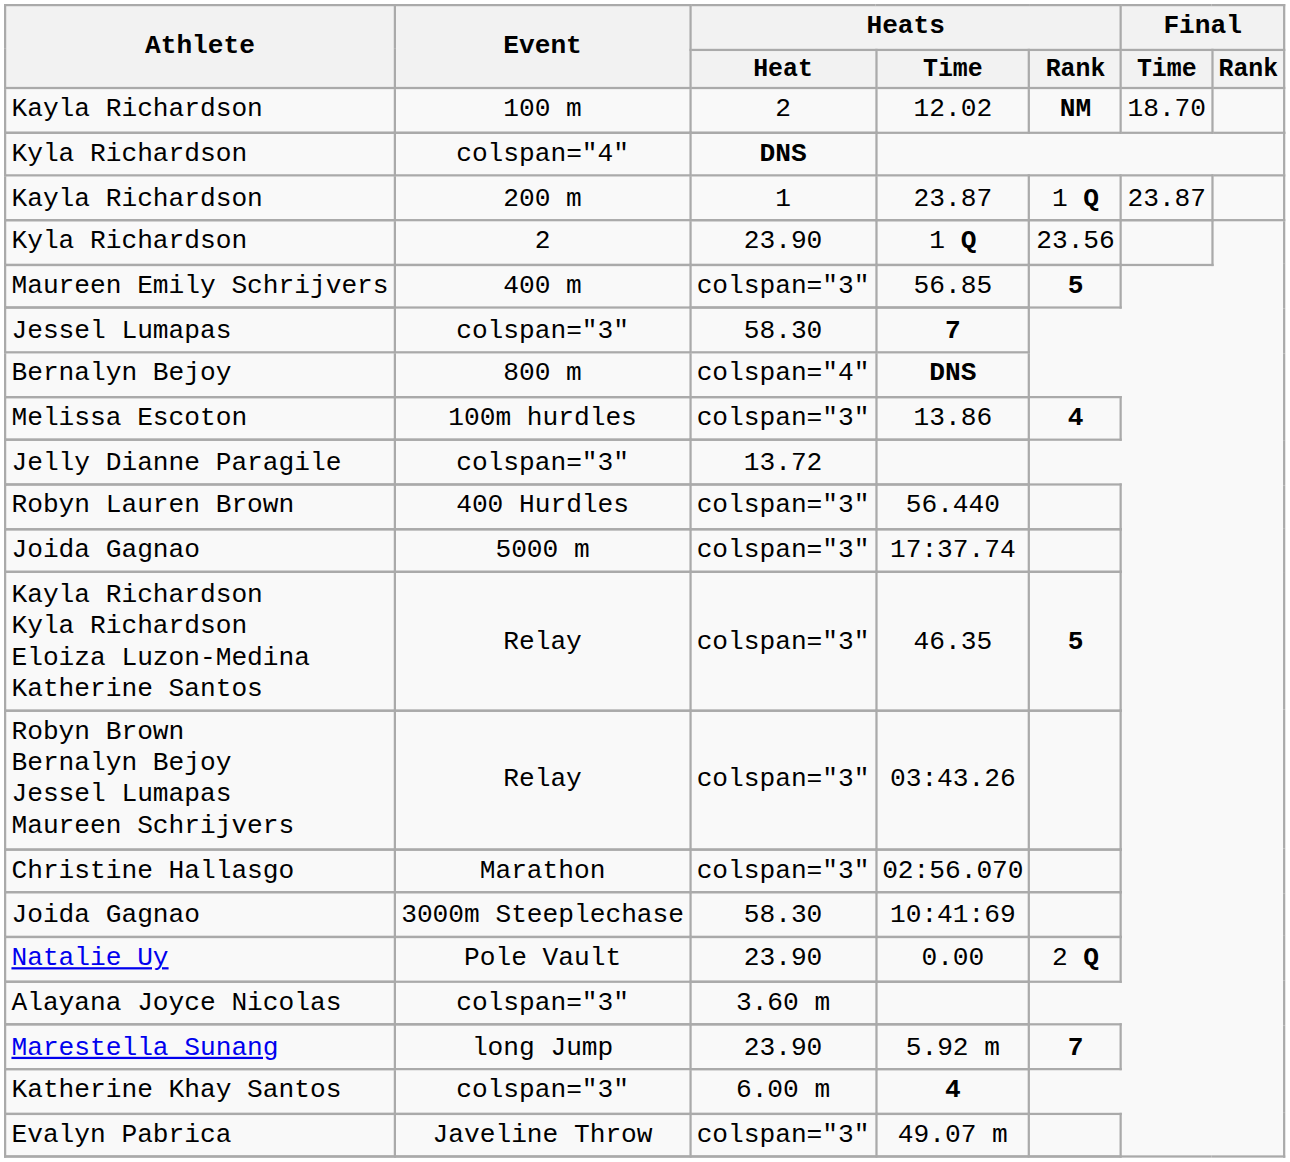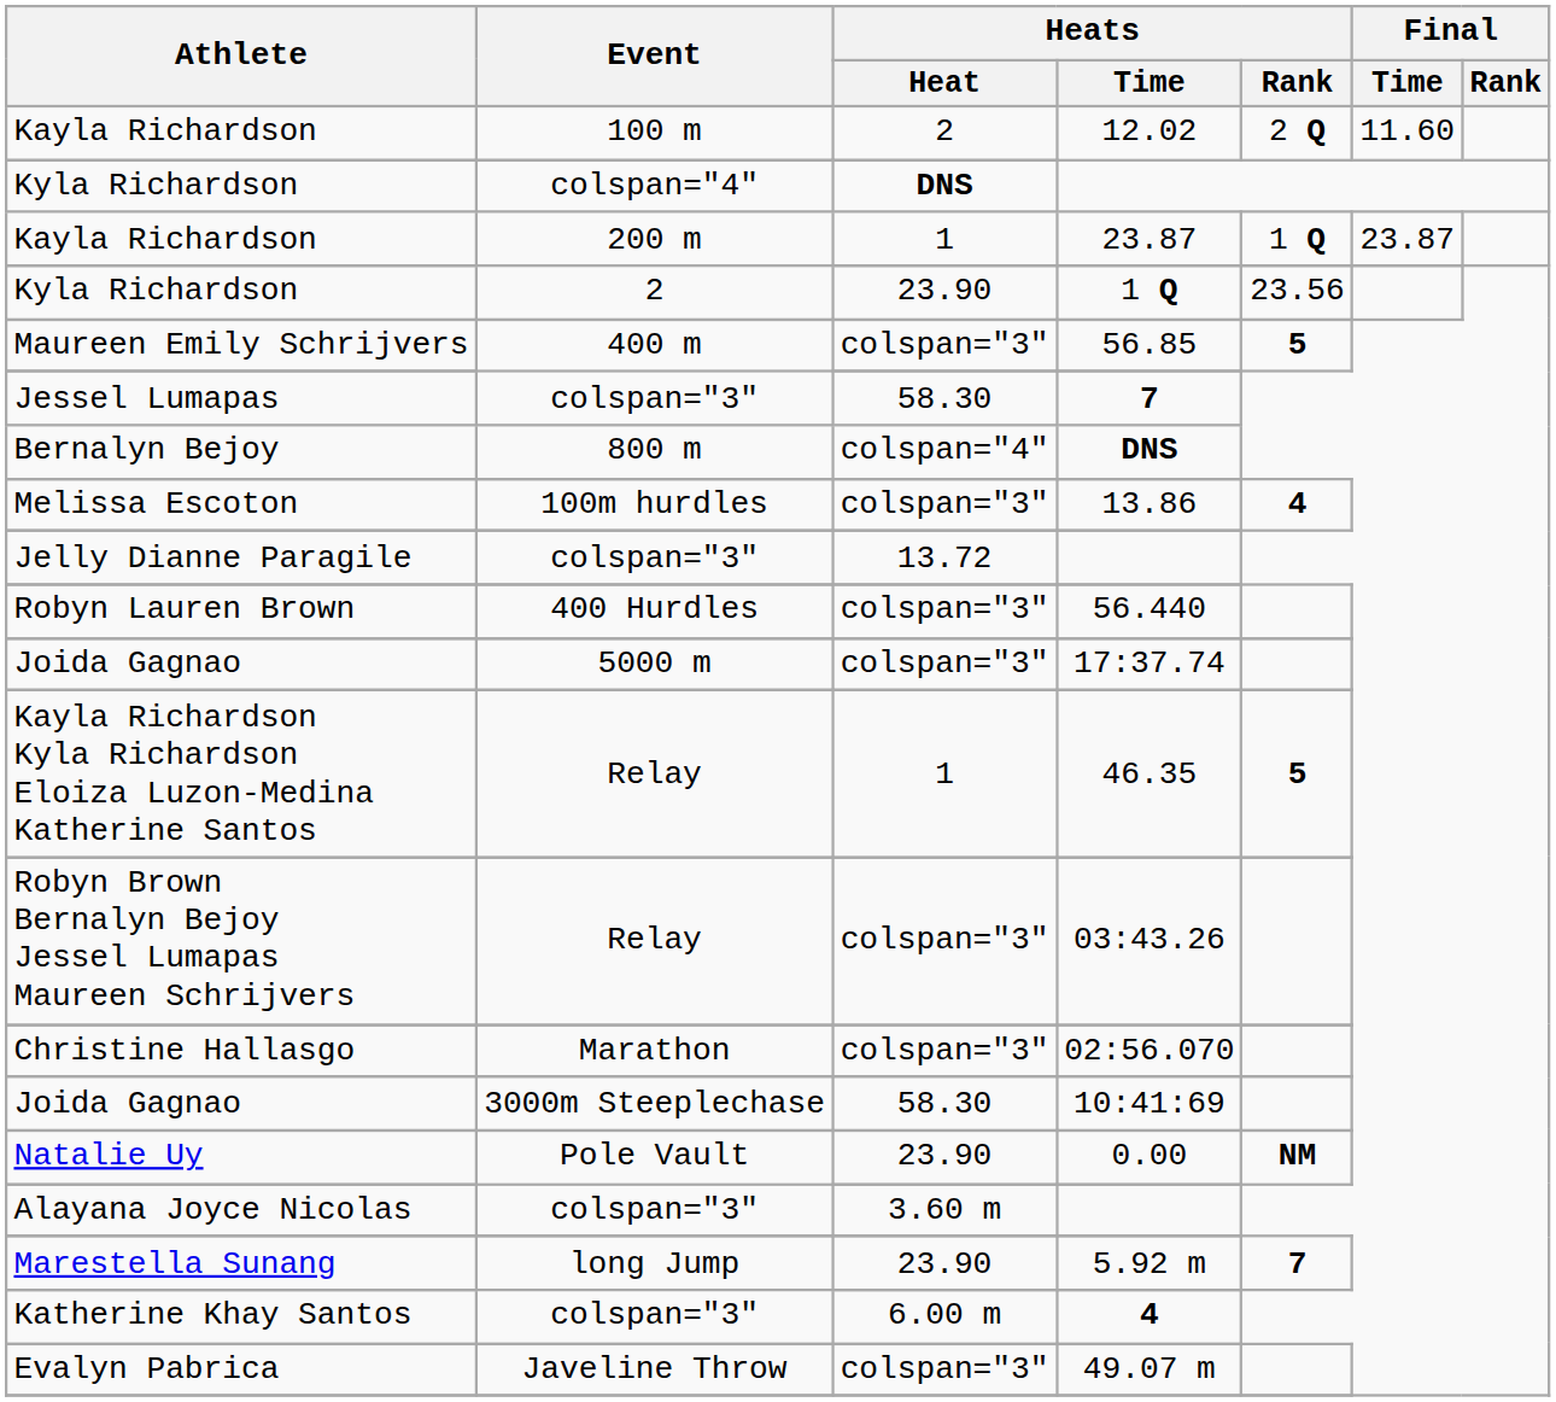 <table class="wikitable" style="font-size:90%; text-align:center">
 <tr>
 <th rowspan="2">Athlete</th>
 <th rowspan="2">Event</th>
 <th colspan="3">Heats</th>
 <th colspan="2">Final</th>
 </tr>
 <tr style="font-size:95%">
 <th>Heat</th>
 <th>Time</th>
 <th>Rank</th>
 <th>Time</th>
 <th>Rank</th>
 </tr>
 <tr align="center">
 <td align=left>Kayla Richardson</td>
 <td rowspan="2" align="Center">100 m</td>
 <td>2</td>
 <td>12.02</td>
-<td><strong>NM</strong></td>
-<td>18.70</td>
+<td>2 <strong>Q</strong></td>
+<td>11.60</td>
 <td></td>
 </tr>
 <tr>
 </tr>
 <tr>
 </tr>
 <tr align="center">
 <td align=left>Kyla Richardson</td>
 <td>colspan="4" </td>
 <td><strong>DNS</strong></td>
 </tr>
 <tr align="center">
 <td align=left>Kayla Richardson</td>
 <td rowspan="2" align="Center">200 m</td>
 <td>1</td>
 <td>23.87</td>
 <td>1 <strong>Q</strong></td>
 <td>23.87</td>
 <td></td>
 </tr>
 <tr>
 </tr>
 <tr align="center">
 <td align=left>Kyla Richardson</td>
 <td>2</td>
 <td>23.90</td>
 <td>1 <strong>Q</strong></td>
 <td>23.56</td>
 <td></td>
 </tr>
 <tr>
 </tr>
 <tr align="center">
 <td align=left>Maureen Emily Schrijvers</td>
 <td rowspan="2" align="Center">400 m</td>
 <td>colspan="3" </td>
 <td>56.85</td>
 <td><strong>5</strong></td>
 </tr>
 <tr>
 </tr>
 <tr align="center">
 <td align=left>Jessel Lumapas</td>
 <td>colspan="3" </td>
 <td>58.30</td>
 <td><strong>7</strong></td>
 </tr>
 <tr align="center">
 <td align=left>Bernalyn Bejoy</td>
 <td>800 m</td>
 <td>colspan="4" </td>
 <td><strong>DNS</strong></td>
 </tr>
 <tr>
 </tr>
 <tr align="center">
 <td align=left>Melissa Escoton</td>
 <td rowspan="2" align="Center">100m hurdles</td>
 <td>colspan="3" </td>
 <td>13.86</td>
 <td><strong>4</strong></td>
 </tr>
 <tr>
 </tr>
 <tr>
 </tr>
 <tr align="center">
 <td align=left>Jelly Dianne Paragile</td>
 <td>colspan="3" </td>
 <td>13.72</td>
 <td></td>
 </tr>
 <tr>
 </tr>
 <tr>
 </tr>
 <tr align="center">
 <td align=left>Robyn Lauren Brown</td>
 <td rowspan="1" align="Center">400 Hurdles</td>
 <td>colspan="3" </td>
 <td>56.440</td>
 <td></td>
 </tr>
 <tr>
 </tr>
 <tr align="center">
 <td align=left>Joida Gagnao</td>
 <td>5000 m</td>
 <td>colspan="3" </td>
 <td>17:37.74</td>
 <td></td>
 </tr>
 <tr>
 </tr>
 <tr align="center">
 <td align=left>Kayla Richardson<br>Kyla Richardson<br>Eloiza Luzon-Medina<br>Katherine Santos</td>
 <td> Relay</td>
-<td>colspan="3" </td>
+<td>1</td>
 <td>46.35</td>
 <td><strong>5</strong></td>
 </tr>
 <tr>
 </tr>
 <tr align="center">
 <td align=left>Robyn Brown<br>Bernalyn Bejoy<br>Jessel Lumapas<br>Maureen Schrijvers</td>
 <td> Relay</td>
 <td>colspan="3" </td>
 <td>03:43.26</td>
 <td></td>
 </tr>
 <tr>
 </tr>
 <tr align="center">
 <td align=left>Christine Hallasgo</td>
 <td>Marathon</td>
 <td>colspan="3" </td>
 <td>02:56.070</td>
 <td></td>
 </tr>
 <tr>
 </tr>
 <tr align="center">
 <td align=left>Joida Gagnao</td>
 <td>3000m Steeplechase</td>
 <td>58.30</td>
 <td>10:41:69</td>
 <td></td>
 </tr>
 <tr>
 </tr>
 <tr align="center">
 <td align=left><a href='#'>Natalie Uy</a></td>
 <td rowspan="2" align="Center">Pole Vault</td>
 <td>23.90</td>
 <td>0.00</td>
-<td>2 <strong>Q</strong></td>
+<td><strong>NM</strong></td>
 </tr>
 <tr>
 </tr>
 <tr align="center">
 <td align=left>Alayana Joyce Nicolas</td>
 <td>colspan="3" </td>
 <td>3.60 m</td>
 <td></td>
 </tr>
 <tr>
 </tr>
 <tr align="center">
 <td align=left><a href='#'>Marestella Sunang</a></td>
 <td rowspan="2" align="Center">long Jump</td>
 <td>23.90</td>
 <td>5.92 m</td>
 <td><strong>7</strong></td>
 </tr>
 <tr>
 </tr>
 <tr align="center">
 <td align=left>Katherine Khay Santos</td>
 <td>colspan="3" </td>
 <td>6.00 m</td>
 <td><strong>4</strong></td>
 </tr>
 <tr>
 </tr>
 <tr align="center">
 <td align=left>Evalyn Pabrica</td>
 <td>Javeline Throw</td>
 <td>colspan="3" </td>
 <td>49.07 m</td>
 <td></td>
 </tr>
 <tr>
 </tr>
 </table>
